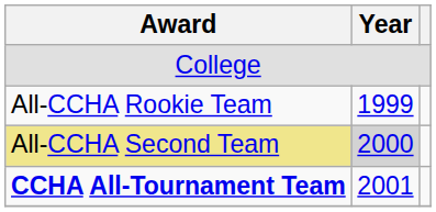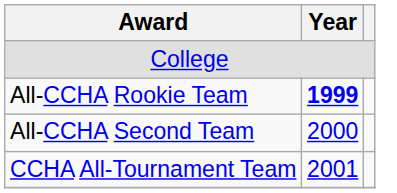 <table class="wikitable">
 <tr>
 <th>Award</th>
 <th>Year</th>
 <th></th>
 </tr>
 <tr ALIGN="center" bgcolor="#e0e0e0">
 <td colspan="3"><a href='#'>College</a></td>
 </tr>
 <tr>
 <td>All-<a href='#'>CCHA</a> <a href='#'>Rookie Team</a></td>
-<td><a href='#'>1999</a></td>
+<td><strong><a href='#'>1999</a></strong></td>
 <td></td>
 </tr>
 <tr>
-<td style="background: khaki;">All-<a href='#'>CCHA</a> <a href='#'>Second Team</a></td>
-<td style="background: lightgrey;"><a href='#'>2000</a></td>
+<td>All-<a href='#'>CCHA</a> <a href='#'>Second Team</a></td>
+<td><a href='#'>2000</a></td>
 <td></td>
 </tr>
 <tr>
-<td><strong><a href='#'>CCHA</a> <a href='#'>All-Tournament Team</a></strong></td>
+<td><a href='#'>CCHA</a> <a href='#'>All-Tournament Team</a></td>
 <td><a href='#'>2001</a></td>
 <td></td>
 </tr>
 <tr>
 </tr>
 </table>
